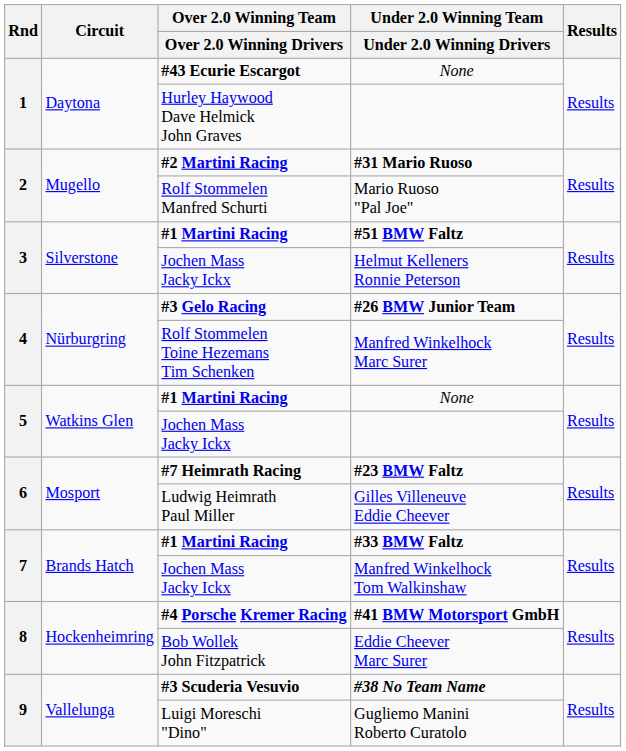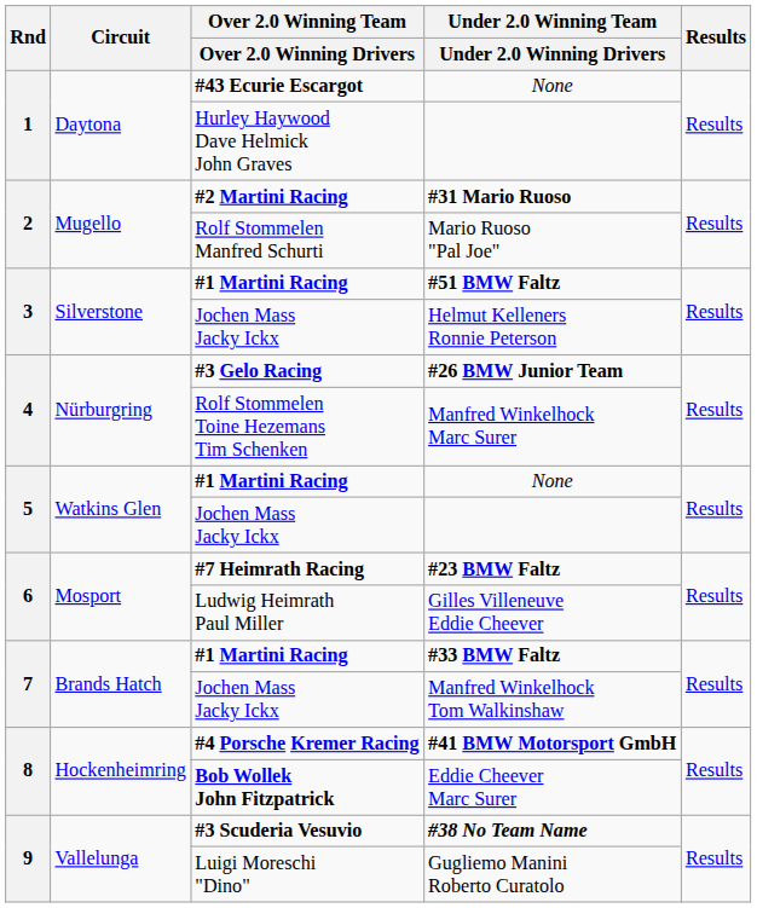 <table class="wikitable" style="font-size: 90%;">
 <tr>
 <th rowspan=2>Rnd</th>
 <th rowspan=2>Circuit</th>
 <th>Over 2.0 Winning Team</th>
 <th>Under 2.0 Winning Team</th>
 <th rowspan=2>Results</th>
 </tr>
 <tr>
 <th>Over 2.0 Winning Drivers</th>
 <th>Under 2.0 Winning Drivers</th>
 </tr>
 <tr>
 <th rowspan=2>1</th>
 <td rowspan=2><a href='#'>Daytona</a></td>
 <td> <strong>#43 Ecurie Escargot</strong></td>
 <td align=center><em>None</em></td>
 <td rowspan=2><a href='#'>Results</a></td>
 </tr>
 <tr>
 <td> <a href='#'>Hurley Haywood</a><br> Dave Helmick<br> John Graves</td>
 <td></td>
 </tr>
 <tr>
 <th rowspan=2>2</th>
 <td rowspan=2><a href='#'>Mugello</a></td>
 <td> <strong>#2 <a href='#'>Martini Racing</a></strong></td>
 <td> <strong>#31 Mario Ruoso</strong></td>
 <td rowspan=2><a href='#'>Results</a></td>
 </tr>
 <tr>
 <td> <a href='#'>Rolf Stommelen</a><br> Manfred Schurti</td>
 <td> Mario Ruoso<br> "Pal Joe"</td>
 </tr>
 <tr>
 <th rowspan=2>3</th>
 <td rowspan=2><a href='#'>Silverstone</a></td>
 <td> <strong>#1 <a href='#'>Martini Racing</a></strong></td>
 <td> <strong>#51 <a href='#'>BMW</a> Faltz</strong></td>
 <td rowspan=2><a href='#'>Results</a></td>
 </tr>
 <tr>
 <td> <a href='#'>Jochen Mass</a><br> <a href='#'>Jacky Ickx</a></td>
 <td> <a href='#'>Helmut Kelleners</a><br> <a href='#'>Ronnie Peterson</a></td>
 </tr>
 <tr>
 <th rowspan=2>4</th>
 <td rowspan=2><a href='#'>Nürburgring</a></td>
 <td> <strong>#3 <a href='#'>Gelo Racing</a></strong></td>
 <td> <strong>#26 <a href='#'>BMW</a> Junior Team</strong></td>
 <td rowspan=2><a href='#'>Results</a></td>
 </tr>
 <tr>
 <td> <a href='#'>Rolf Stommelen</a><br> <a href='#'>Toine Hezemans</a><br> <a href='#'>Tim Schenken</a></td>
 <td> <a href='#'>Manfred Winkelhock</a><br> <a href='#'>Marc Surer</a></td>
 </tr>
 <tr>
 <th rowspan=2>5</th>
 <td rowspan=2><a href='#'>Watkins Glen</a></td>
 <td> <strong>#1 <a href='#'>Martini Racing</a></strong></td>
 <td align=center><em>None</em></td>
 <td rowspan=2><a href='#'>Results</a></td>
 </tr>
 <tr>
 <td> <a href='#'>Jochen Mass</a><br> <a href='#'>Jacky Ickx</a></td>
 <td></td>
 </tr>
 <tr>
 <th rowspan=2>6</th>
 <td rowspan=2><a href='#'>Mosport</a></td>
 <td> <strong>#7 Heimrath Racing</strong></td>
 <td> <strong>#23 <a href='#'>BMW</a> Faltz</strong></td>
 <td rowspan=2><a href='#'>Results</a></td>
 </tr>
 <tr>
 <td> Ludwig Heimrath<br> Paul Miller</td>
 <td> <a href='#'>Gilles Villeneuve</a><br> <a href='#'>Eddie Cheever</a></td>
 </tr>
 <tr>
 <th rowspan=2>7</th>
 <td rowspan=2><a href='#'>Brands Hatch</a></td>
 <td> <strong>#1 <a href='#'>Martini Racing</a></strong></td>
 <td> <strong>#33 <a href='#'>BMW</a> Faltz</strong></td>
 <td rowspan=2><a href='#'>Results</a></td>
 </tr>
 <tr>
 <td> <a href='#'>Jochen Mass</a><br> <a href='#'>Jacky Ickx</a></td>
 <td> <a href='#'>Manfred Winkelhock</a><br> <a href='#'>Tom Walkinshaw</a></td>
 </tr>
 <tr>
 <th rowspan=2>8</th>
 <td rowspan=2><a href='#'>Hockenheimring</a></td>
 <td> <strong>#4 <a href='#'>Porsche</a> <a href='#'>Kremer Racing</a></strong></td>
 <td> <strong>#41 <a href='#'>BMW Motorsport</a> GmbH</strong></td>
 <td rowspan=2><a href='#'>Results</a></td>
 </tr>
 <tr>
-<td> <a href='#'>Bob Wollek</a><br> John Fitzpatrick</td>
+<td><strong> <a href='#'>Bob Wollek</a><br> John Fitzpatrick</strong></td>
 <td> <a href='#'>Eddie Cheever</a><br> <a href='#'>Marc Surer</a></td>
 </tr>
 <tr>
 <th rowspan=2>9</th>
 <td rowspan=2><a href='#'>Vallelunga</a></td>
 <td> <strong>#3 Scuderia Vesuvio</strong></td>
 <td> <strong><em>#38 No Team Name</em></strong></td>
 <td rowspan=2><a href='#'>Results</a></td>
 </tr>
 <tr>
 <td> Luigi Moreschi<br> "Dino"</td>
 <td> Gugliemo Manini<br> Roberto Curatolo</td>
 </tr>
 </table>
